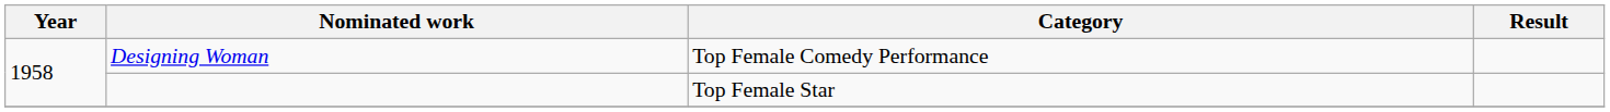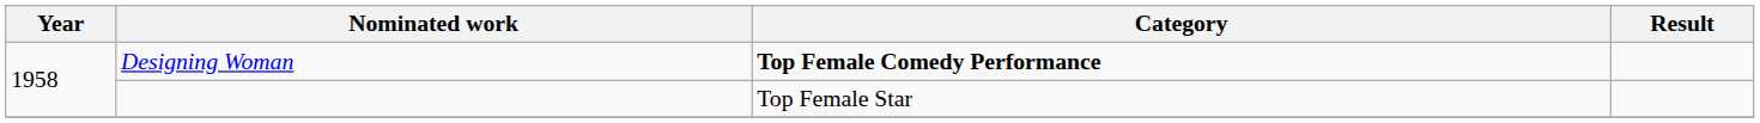 <table width="75%" class="wikitable">
 <tr>
 <th width="10">Year</th>
 <th width="220">Nominated work</th>
 <th width="300">Category</th>
 <th width="30">Result</th>
 </tr>
 <tr>
 <td rowspan="2">1958</td>
 <td><em><a href='#'>Designing Woman</a></em></td>
-<td>Top Female Comedy Performance</td>
+<td><strong>Top Female Comedy Performance</strong></td>
 <td></td>
 </tr>
 <tr>
 <td></td>
 <td>Top Female Star</td>
 <td></td>
 </tr>
 <tr>
 </tr>
 </table>
